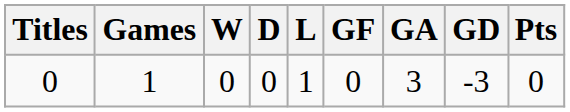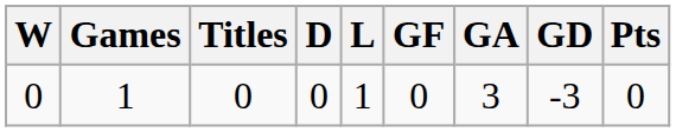 <table class="wikitable" style="text-align: center">
 <tr>
+<th scope="col">W</th>
+<th scope="col">Games</th>
 <th scope="col">Titles</th>
-<th scope="col">Games</th>
-<th scope="col">W</th>
 <th scope="col">D</th>
 <th scope="col">L</th>
 <th scope="col">GF</th>
 <th scope="col">GA</th>
 <th scope="col">GD</th>
 <th scope="col">Pts</th>
 </tr>
 <tr>
 <td>0</td>
 <td>1</td>
 <td>0</td>
 <td>0</td>
 <td>1</td>
 <td>0</td>
 <td>3</td>
 <td>-3</td>
 <td>0</td>
 </tr>
 </table>
